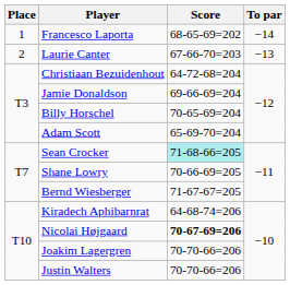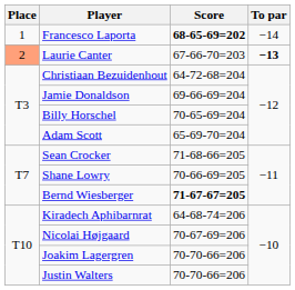 <table class="wikitable">
 <tr>
 <th>Place</th>
 <th>Player</th>
 <th>Score</th>
 <th>To par</th>
 </tr>
 <tr>
 <td align=center>1</td>
 <td> <a href='#'>Francesco Laporta</a></td>
-<td>68-65-69=202</td>
+<td><strong>68-65-69=202</strong></td>
 <td align=center>−14</td>
 </tr>
 <tr>
-<td align=center>2</td>
+<td align=center style="background: lightsalmon;">2</td>
 <td> <a href='#'>Laurie Canter</a></td>
 <td>67-66-70=203</td>
-<td align=center>−13</td>
+<td align=center><strong>−13</strong></td>
 </tr>
 <tr>
 <td rowspan=4 align=center>T3</td>
 <td> <a href='#'>Christiaan Bezuidenhout</a></td>
 <td>64-72-68=204</td>
 <td rowspan=4 align=center>−12</td>
 </tr>
 <tr>
 <td> <a href='#'>Jamie Donaldson</a></td>
 <td>69-66-69=204</td>
 </tr>
 <tr>
 <td> <a href='#'>Billy Horschel</a></td>
 <td>70-65-69=204</td>
 </tr>
 <tr>
 <td> <a href='#'>Adam Scott</a></td>
 <td>65-69-70=204</td>
 </tr>
 <tr>
 <td rowspan=3 align=center>T7</td>
 <td> <a href='#'>Sean Crocker</a></td>
-<td style="background: paleturquoise;">71-68-66=205</td>
+<td>71-68-66=205</td>
 <td rowspan=3 align=center>−11</td>
 </tr>
 <tr>
 <td> <a href='#'>Shane Lowry</a></td>
 <td>70-66-69=205</td>
 </tr>
 <tr>
 <td> <a href='#'>Bernd Wiesberger</a></td>
-<td>71-67-67=205</td>
+<td><strong>71-67-67=205</strong></td>
 </tr>
 <tr>
 <td rowspan=4 align=center>T10</td>
 <td> <a href='#'>Kiradech Aphibarnrat</a></td>
 <td>64-68-74=206</td>
 <td rowspan=4 align=center>−10</td>
 </tr>
 <tr>
 <td> <a href='#'>Nicolai Højgaard</a></td>
-<td><strong>70-67-69=206</strong></td>
+<td>70-67-69=206</td>
 </tr>
 <tr>
 <td> <a href='#'>Joakim Lagergren</a></td>
 <td>70-70-66=206</td>
 </tr>
 <tr>
 <td> <a href='#'>Justin Walters</a></td>
 <td>70-70-66=206</td>
 </tr>
 </table>
